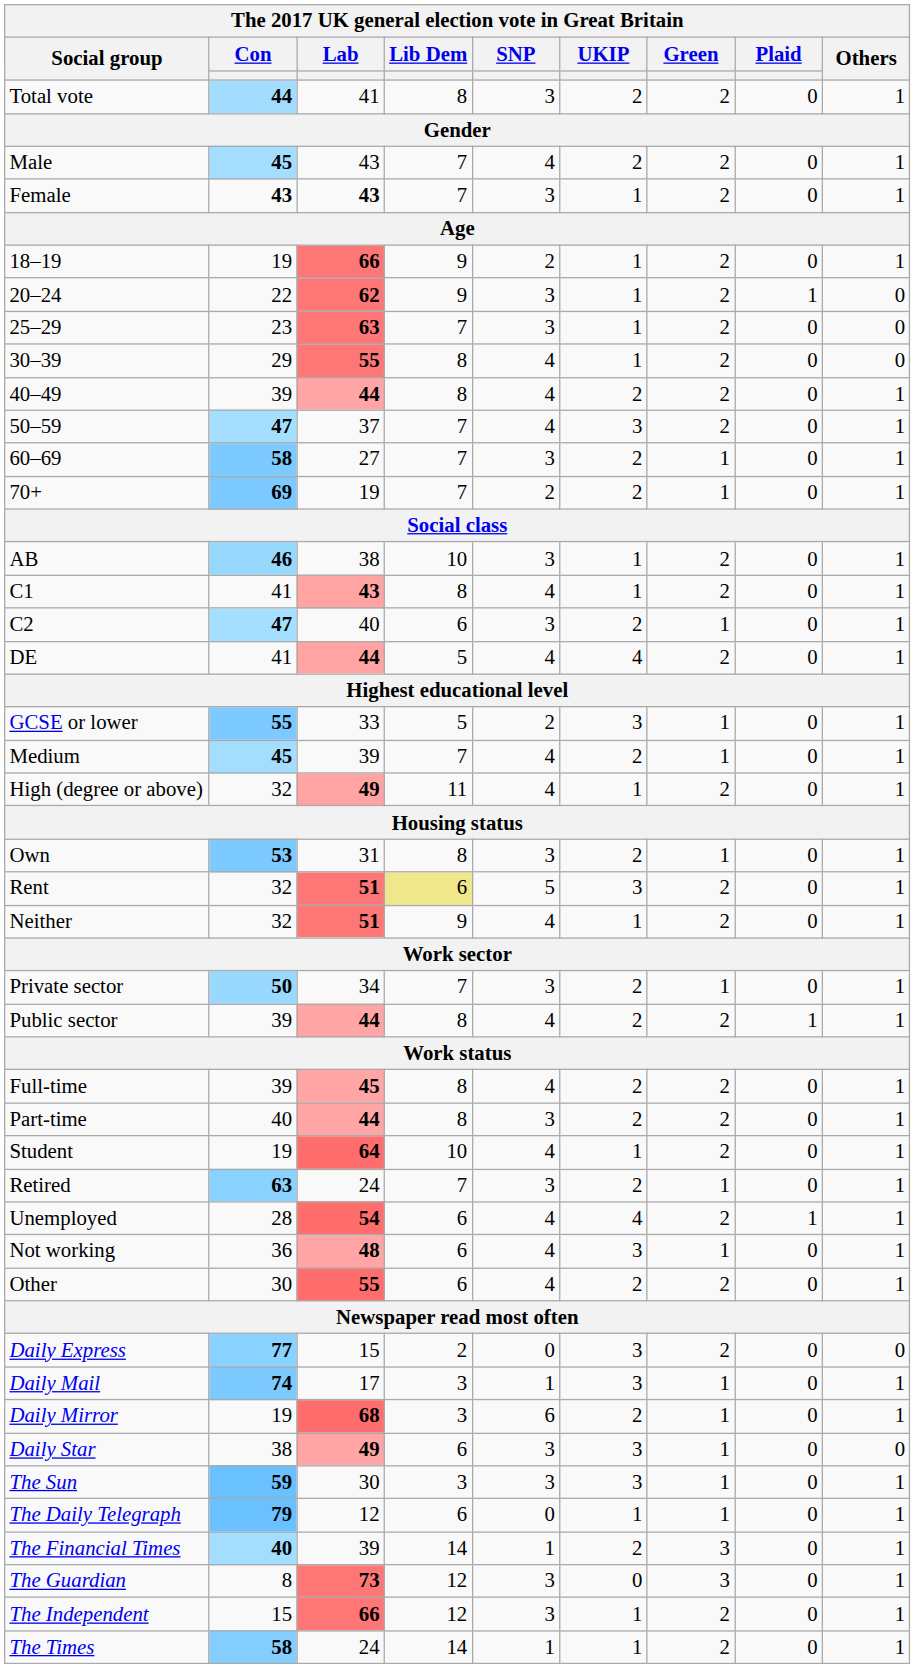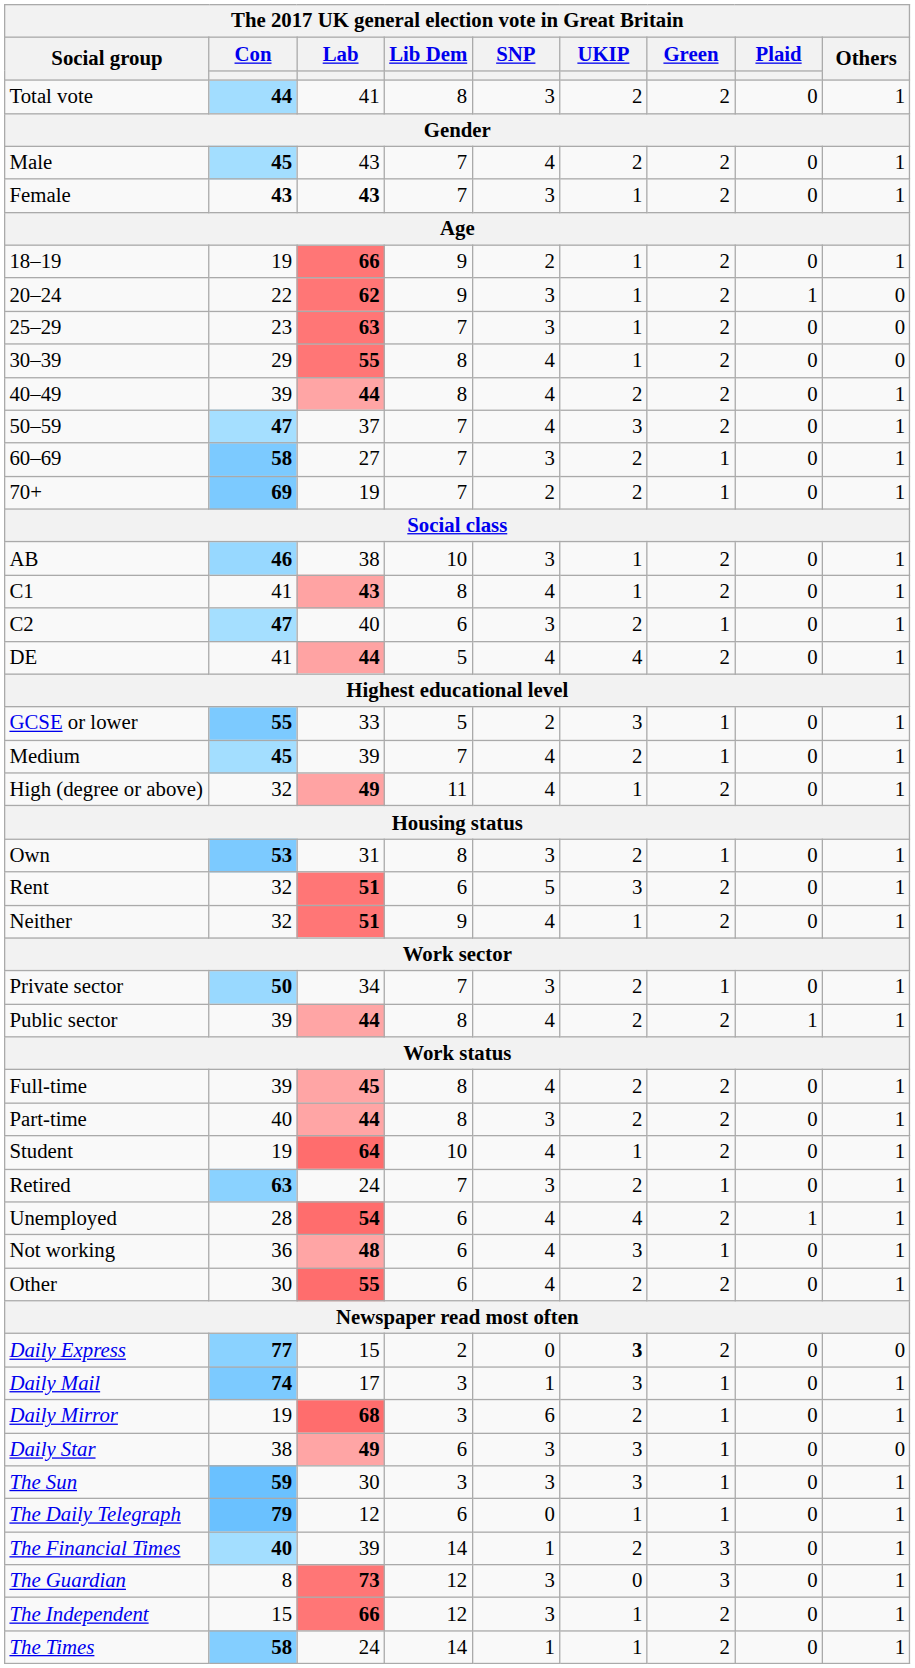 <table class=wikitable>
 <tr>
 <th colspan="10">The 2017 UK general election vote in Great Britain</th>
 </tr>
 <tr>
 <th style="width:150px;" rowspan="2">Social group</th>
 <th style="width:60px;" class="unsortable"><a href='#'>Con</a></th>
 <th style="width:60px;" class="unsortable"><a href='#'>Lab</a></th>
 <th style="width:60px;" class="unsortable"><a href='#'>Lib Dem</a></th>
 <th style="width:60px;" class="unsortable"><a href='#'>SNP</a></th>
 <th style="width:60px;" class="unsortable"><a href='#'>UKIP</a></th>
 <th style="width:60px;" class="unsortable"><a href='#'>Green</a></th>
 <th style="width:60px;" class="unsortable"><a href='#'>Plaid</a></th>
 <th style="width:60px;" rowspan="2" class="unsortable">Others</th>
 </tr>
 <tr>
 <th class="unsortable" style="color:inherit;background:"></th>
 <th class="unsortable" style="color:inherit;background:"></th>
 <th class="unsortable" style="color:inherit;background:"></th>
 <th class="unsortable" style="color:inherit;background:"></th>
 <th class="unsortable" style="color:inherit;background:"></th>
 <th class="unsortable" style="color:inherit;background:"></th>
 <th class="unsortable" style="color:inherit;background:"></th>
 </tr>
 <tr>
 <td>Total vote</td>
 <td style="text-align:right; background:#A2DDFF;"><strong>44</strong></td>
 <td style="text-align:right;">41</td>
 <td style="text-align:right;">8</td>
 <td style="text-align:right;">3</td>
 <td style="text-align:right;">2</td>
 <td style="text-align:right;">2</td>
 <td style="text-align:right;">0</td>
 <td style="text-align:right;">1</td>
 </tr>
 <tr>
 <th colspan=9>Gender</th>
 </tr>
 <tr>
 <td>Male</td>
 <td style="text-align:right; background:#A3DEFF;"><strong>45</strong></td>
 <td style="text-align:right;">43</td>
 <td style="text-align:right;">7</td>
 <td style="text-align:right;">4</td>
 <td style="text-align:right;">2</td>
 <td style="text-align:right;">2</td>
 <td style="text-align:right;">0</td>
 <td style="text-align:right;">1</td>
 </tr>
 <tr>
 <td>Female</td>
 <td style="text-align:right;"><strong>43</strong></td>
 <td style="text-align:right;"><strong>43</strong></td>
 <td style="text-align:right;">7</td>
 <td style="text-align:right;">3</td>
 <td style="text-align:right;">1</td>
 <td style="text-align:right;">2</td>
 <td style="text-align:right;">0</td>
 <td style="text-align:right;">1</td>
 </tr>
 <tr>
 <th colspan=9>Age</th>
 </tr>
 <tr>
 <td>18–19</td>
 <td style="text-align:right;">19</td>
 <td style="text-align:right; background:#FF7676;"><strong>66</strong></td>
 <td style="text-align:right;">9</td>
 <td style="text-align:right;">2</td>
 <td style="text-align:right;">1</td>
 <td style="text-align:right;">2</td>
 <td style="text-align:right;">0</td>
 <td style="text-align:right;">1</td>
 </tr>
 <tr>
 <td>20–24</td>
 <td style="text-align:right;">22</td>
 <td style="text-align:right; background:#FF7676;"><strong>62</strong></td>
 <td style="text-align:right;">9</td>
 <td style="text-align:right;">3</td>
 <td style="text-align:right;">1</td>
 <td style="text-align:right;">2</td>
 <td style="text-align:right;">1</td>
 <td style="text-align:right;">0</td>
 </tr>
 <tr>
 <td>25–29</td>
 <td style="text-align:right;">23</td>
 <td style="text-align:right; background:#FF7676;"><strong>63</strong></td>
 <td style="text-align:right;">7</td>
 <td style="text-align:right;">3</td>
 <td style="text-align:right;">1</td>
 <td style="text-align:right;">2</td>
 <td style="text-align:right;">0</td>
 <td style="text-align:right;">0</td>
 </tr>
 <tr>
 <td>30–39</td>
 <td style="text-align:right;">29</td>
 <td style="text-align:right; background:#FF7676;"><strong>55</strong></td>
 <td style="text-align:right;">8</td>
 <td style="text-align:right;">4</td>
 <td style="text-align:right;">1</td>
 <td style="text-align:right;">2</td>
 <td style="text-align:right;">0</td>
 <td style="text-align:right;">0</td>
 </tr>
 <tr>
 <td>40–49</td>
 <td style="text-align:right;">39</td>
 <td style="text-align:right; background:#FFA5A5;"><strong>44</strong></td>
 <td style="text-align:right;">8</td>
 <td style="text-align:right;">4</td>
 <td style="text-align:right;">2</td>
 <td style="text-align:right;">2</td>
 <td style="text-align:right;">0</td>
 <td style="text-align:right;">1</td>
 </tr>
 <tr>
 <td>50–59</td>
 <td style="text-align:right; background:#A5DFFF;"><strong>47</strong></td>
 <td style="text-align:right;">37</td>
 <td style="text-align:right;">7</td>
 <td style="text-align:right;">4</td>
 <td style="text-align:right;">3</td>
 <td style="text-align:right;">2</td>
 <td style="text-align:right;">0</td>
 <td style="text-align:right;">1</td>
 </tr>
 <tr>
 <td>60–69</td>
 <td style="text-align:right; background:#7CCAFF;"><strong>58</strong></td>
 <td style="text-align:right;">27</td>
 <td style="text-align:right;">7</td>
 <td style="text-align:right;">3</td>
 <td style="text-align:right;">2</td>
 <td style="text-align:right;">1</td>
 <td style="text-align:right;">0</td>
 <td style="text-align:right;">1</td>
 </tr>
 <tr>
 <td>70+</td>
 <td style="text-align:right; background:#7CCAFF;"><strong>69</strong></td>
 <td style="text-align:right;">19</td>
 <td style="text-align:right;">7</td>
 <td style="text-align:right;">2</td>
 <td style="text-align:right;">2</td>
 <td style="text-align:right;">1</td>
 <td style="text-align:right;">0</td>
 <td style="text-align:right;">1</td>
 </tr>
 <tr>
 <th colspan=9><a href='#'>Social class</a></th>
 </tr>
 <tr>
 <td>AB</td>
 <td style="text-align:right; background:#97D8FF;"><strong>46</strong></td>
 <td style="text-align:right;">38</td>
 <td style="text-align:right;">10</td>
 <td style="text-align:right;">3</td>
 <td style="text-align:right;">1</td>
 <td style="text-align:right;">2</td>
 <td style="text-align:right;">0</td>
 <td style="text-align:right;">1</td>
 </tr>
 <tr>
 <td>C1</td>
 <td style="text-align:right;">41</td>
 <td style="text-align:right; background:#FFA3A3;"><strong>43</strong></td>
 <td style="text-align:right;">8</td>
 <td style="text-align:right;">4</td>
 <td style="text-align:right;">1</td>
 <td style="text-align:right;">2</td>
 <td style="text-align:right;">0</td>
 <td style="text-align:right;">1</td>
 </tr>
 <tr>
 <td>C2</td>
 <td style="text-align:right; background:#A5DFFF;"><strong>47</strong></td>
 <td style="text-align:right;">40</td>
 <td style="text-align:right;">6</td>
 <td style="text-align:right;">3</td>
 <td style="text-align:right;">2</td>
 <td style="text-align:right;">1</td>
 <td style="text-align:right;">0</td>
 <td style="text-align:right;">1</td>
 </tr>
 <tr>
 <td>DE</td>
 <td style="text-align:right;">41</td>
 <td style="text-align:right; background:#FFA3A3;"><strong>44</strong></td>
 <td style="text-align:right;">5</td>
 <td style="text-align:right;">4</td>
 <td style="text-align:right;">4</td>
 <td style="text-align:right;">2</td>
 <td style="text-align:right;">0</td>
 <td style="text-align:right;">1</td>
 </tr>
 <tr>
 <th colspan=9>Highest educational level</th>
 </tr>
 <tr>
 <td><a href='#'>GCSE</a> or lower</td>
 <td style="text-align:right; background:#7CCAFF;"><strong>55</strong></td>
 <td style="text-align:right;">33</td>
 <td style="text-align:right;">5</td>
 <td style="text-align:right;">2</td>
 <td style="text-align:right;">3</td>
 <td style="text-align:right;">1</td>
 <td style="text-align:right;">0</td>
 <td style="text-align:right;">1</td>
 </tr>
 <tr>
 <td>Medium</td>
 <td style="text-align:right; background:#A3DEFF;"><strong>45</strong></td>
 <td style="text-align:right;">39</td>
 <td style="text-align:right;">7</td>
 <td style="text-align:right;">4</td>
 <td style="text-align:right;">2</td>
 <td style="text-align:right;">1</td>
 <td style="text-align:right;">0</td>
 <td style="text-align:right;">1</td>
 </tr>
 <tr>
 <td>High (degree or above)</td>
 <td style="text-align:right;">32</td>
 <td style="text-align:right; background:#FFA3A3;"><strong>49</strong></td>
 <td style="text-align:right;">11</td>
 <td style="text-align:right;">4</td>
 <td style="text-align:right;">1</td>
 <td style="text-align:right;">2</td>
 <td style="text-align:right;">0</td>
 <td style="text-align:right;">1</td>
 </tr>
 <tr>
 <th colspan=9>Housing status</th>
 </tr>
 <tr>
 <td>Own</td>
 <td style="text-align:right; background:#7CCAFF;"><strong>53</strong></td>
 <td style="text-align:right;">31</td>
 <td style="text-align:right;">8</td>
 <td style="text-align:right;">3</td>
 <td style="text-align:right;">2</td>
 <td style="text-align:right;">1</td>
 <td style="text-align:right;">0</td>
 <td style="text-align:right;">1</td>
 </tr>
 <tr>
 <td>Rent</td>
 <td style="text-align:right;">32</td>
 <td style="text-align:right; background:#FF7676;"><strong>51</strong></td>
-<td style="background: khaki; text-align:right;">6</td>
+<td style="text-align:right;">6</td>
 <td style="text-align:right;">5</td>
 <td style="text-align:right;">3</td>
 <td style="text-align:right;">2</td>
 <td style="text-align:right;">0</td>
 <td style="text-align:right;">1</td>
 </tr>
 <tr>
 <td>Neither</td>
 <td style="text-align:right;">32</td>
 <td style="text-align:right; background:#FF7676;"><strong>51</strong></td>
 <td style="text-align:right;">9</td>
 <td style="text-align:right;">4</td>
 <td style="text-align:right;">1</td>
 <td style="text-align:right;">2</td>
 <td style="text-align:right;">0</td>
 <td style="text-align:right;">1</td>
 </tr>
 <tr>
 <th colspan=9>Work sector</th>
 </tr>
 <tr>
 <td>Private sector</td>
 <td style="text-align:right; background:#99D9FF;"><strong>50</strong></td>
 <td style="text-align:right;">34</td>
 <td style="text-align:right;">7</td>
 <td style="text-align:right;">3</td>
 <td style="text-align:right;">2</td>
 <td style="text-align:right;">1</td>
 <td style="text-align:right;">0</td>
 <td style="text-align:right;">1</td>
 </tr>
 <tr>
 <td>Public sector</td>
 <td style="text-align:right;">39</td>
 <td style="text-align:right; background:#FFA5A5;"><strong>44</strong></td>
 <td style="text-align:right;">8</td>
 <td style="text-align:right;">4</td>
 <td style="text-align:right;">2</td>
 <td style="text-align:right;">2</td>
 <td style="text-align:right;">1</td>
 <td style="text-align:right;">1</td>
 </tr>
 <tr>
 <th colspan=9>Work status</th>
 </tr>
 <tr>
 <td>Full-time</td>
 <td style="text-align:right;">39</td>
 <td style="text-align:right; background:#FFA5A5;"><strong>45</strong></td>
 <td style="text-align:right;">8</td>
 <td style="text-align:right;">4</td>
 <td style="text-align:right;">2</td>
 <td style="text-align:right;">2</td>
 <td style="text-align:right;">0</td>
 <td style="text-align:right;">1</td>
 </tr>
 <tr>
 <td>Part-time</td>
 <td style="text-align:right;">40</td>
 <td style="text-align:right; background:#FFA5A5;"><strong>44</strong></td>
 <td style="text-align:right;">8</td>
 <td style="text-align:right;">3</td>
 <td style="text-align:right;">2</td>
 <td style="text-align:right;">2</td>
 <td style="text-align:right;">0</td>
 <td style="text-align:right;">1</td>
 </tr>
 <tr>
 <td>Student</td>
 <td style="text-align:right;">19</td>
 <td style="text-align:right; background:#FF6D6D;"><strong>64</strong></td>
 <td style="text-align:right;">10</td>
 <td style="text-align:right;">4</td>
 <td style="text-align:right;">1</td>
 <td style="text-align:right;">2</td>
 <td style="text-align:right;">0</td>
 <td style="text-align:right;">1</td>
 </tr>
 <tr>
 <td>Retired</td>
 <td style="text-align:right; background:#8AD2FF;"><strong>63</strong></td>
 <td style="text-align:right;">24</td>
 <td style="text-align:right;">7</td>
 <td style="text-align:right;">3</td>
 <td style="text-align:right;">2</td>
 <td style="text-align:right;">1</td>
 <td style="text-align:right;">0</td>
 <td style="text-align:right;">1</td>
 </tr>
 <tr>
 <td>Unemployed</td>
 <td style="text-align:right;">28</td>
 <td style="text-align:right; background:#FF6D6D;"><strong>54</strong></td>
 <td style="text-align:right;">6</td>
 <td style="text-align:right;">4</td>
 <td style="text-align:right;">4</td>
 <td style="text-align:right;">2</td>
 <td style="text-align:right;">1</td>
 <td style="text-align:right;">1</td>
 </tr>
 <tr>
 <td>Not working</td>
 <td style="text-align:right;">36</td>
 <td style="text-align:right; background:#FFA5A5;"><strong>48</strong></td>
 <td style="text-align:right;">6</td>
 <td style="text-align:right;">4</td>
 <td style="text-align:right;">3</td>
 <td style="text-align:right;">1</td>
 <td style="text-align:right;">0</td>
 <td style="text-align:right;">1</td>
 </tr>
 <tr>
 <td>Other</td>
 <td style="text-align:right;">30</td>
 <td style="text-align:right; background:#FF6D6D;"><strong>55</strong></td>
 <td style="text-align:right;">6</td>
 <td style="text-align:right;">4</td>
 <td style="text-align:right;">2</td>
 <td style="text-align:right;">2</td>
 <td style="text-align:right;">0</td>
 <td style="text-align:right;">1</td>
 </tr>
 <tr>
 <th colspan=9>Newspaper read most often</th>
 </tr>
 <tr>
 <td><em><a href='#'>Daily Express</a></em></td>
 <td style="text-align:right; background:#8AD2FF;"><strong>77</strong></td>
 <td style="text-align:right;">15</td>
 <td style="text-align:right;">2</td>
 <td style="text-align:right;">0</td>
-<td style="text-align:right;">3</td>
+<td style="text-align:right;"><strong>3</strong></td>
 <td style="text-align:right;">2</td>
 <td style="text-align:right;">0</td>
 <td style="text-align:right;">0</td>
 </tr>
 <tr>
 <td><em><a href='#'>Daily Mail</a></em></td>
 <td style="text-align:right; background:#7CCAFF;"><strong>74</strong></td>
 <td style="text-align:right;">17</td>
 <td style="text-align:right;">3</td>
 <td style="text-align:right;">1</td>
 <td style="text-align:right;">3</td>
 <td style="text-align:right;">1</td>
 <td style="text-align:right;">0</td>
 <td style="text-align:right;">1</td>
 </tr>
 <tr>
 <td><em><a href='#'>Daily Mirror</a></em></td>
 <td style="text-align:right;">19</td>
 <td style="text-align:right; background:#FF6D6D;"><strong>68</strong></td>
 <td style="text-align:right;">3</td>
 <td style="text-align:right;">6</td>
 <td style="text-align:right;">2</td>
 <td style="text-align:right;">1</td>
 <td style="text-align:right;">0</td>
 <td style="text-align:right;">1</td>
 </tr>
 <tr>
 <td><em><a href='#'>Daily Star</a></em></td>
 <td style="text-align:right;">38</td>
 <td style="text-align:right; background:#FFA5A5;"><strong>49</strong></td>
 <td style="text-align:right;">6</td>
 <td style="text-align:right;">3</td>
 <td style="text-align:right;">3</td>
 <td style="text-align:right;">1</td>
 <td style="text-align:right;">0</td>
 <td style="text-align:right;">0</td>
 </tr>
 <tr>
 <td><em><a href='#'>The Sun</a></em></td>
 <td style="text-align:right; background:#6AC1FF;"><strong>59</strong></td>
 <td style="text-align:right;">30</td>
 <td style="text-align:right;">3</td>
 <td style="text-align:right;">3</td>
 <td style="text-align:right;">3</td>
 <td style="text-align:right;">1</td>
 <td style="text-align:right;">0</td>
 <td style="text-align:right;">1</td>
 </tr>
 <tr>
 <td><em><a href='#'>The Daily Telegraph</a></em></td>
 <td style="text-align:right; background:#6AC1FF;"><strong>79</strong></td>
 <td style="text-align:right;">12</td>
 <td style="text-align:right;">6</td>
 <td style="text-align:right;">0</td>
 <td style="text-align:right;">1</td>
 <td style="text-align:right;">1</td>
 <td style="text-align:right;">0</td>
 <td style="text-align:right;">1</td>
 </tr>
 <tr>
 <td><em><a href='#'>The Financial Times</a></em></td>
 <td style="text-align:right; background:#A3DEFF;"><strong>40</strong></td>
 <td style="text-align:right;">39</td>
 <td style="text-align:right;">14</td>
 <td style="text-align:right;">1</td>
 <td style="text-align:right;">2</td>
 <td style="text-align:right;">3</td>
 <td style="text-align:right;">0</td>
 <td style="text-align:right;">1</td>
 </tr>
 <tr>
 <td><em><a href='#'>The Guardian</a></em></td>
 <td style="text-align:right;">8</td>
 <td style="text-align:right; background:#FF7676;"><strong>73</strong></td>
 <td style="text-align:right;">12</td>
 <td style="text-align:right;">3</td>
 <td style="text-align:right;">0</td>
 <td style="text-align:right;">3</td>
 <td style="text-align:right;">0</td>
 <td style="text-align:right;">1</td>
 </tr>
 <tr>
 <td><em><a href='#'>The Independent</a></em></td>
 <td style="text-align:right;">15</td>
 <td style="text-align:right; background:#FF7676;"><strong>66</strong></td>
 <td style="text-align:right;">12</td>
 <td style="text-align:right;">3</td>
 <td style="text-align:right;">1</td>
 <td style="text-align:right;">2</td>
 <td style="text-align:right;">0</td>
 <td style="text-align:right;">1</td>
 </tr>
 <tr>
 <td><em><a href='#'>The Times</a></em></td>
 <td style="text-align:right; background:#83CEFF;"><strong>58</strong></td>
 <td style="text-align:right;">24</td>
 <td style="text-align:right;">14</td>
 <td style="text-align:right;">1</td>
 <td style="text-align:right;">1</td>
 <td style="text-align:right;">2</td>
 <td style="text-align:right;">0</td>
 <td style="text-align:right;">1</td>
 </tr>
 </table>
